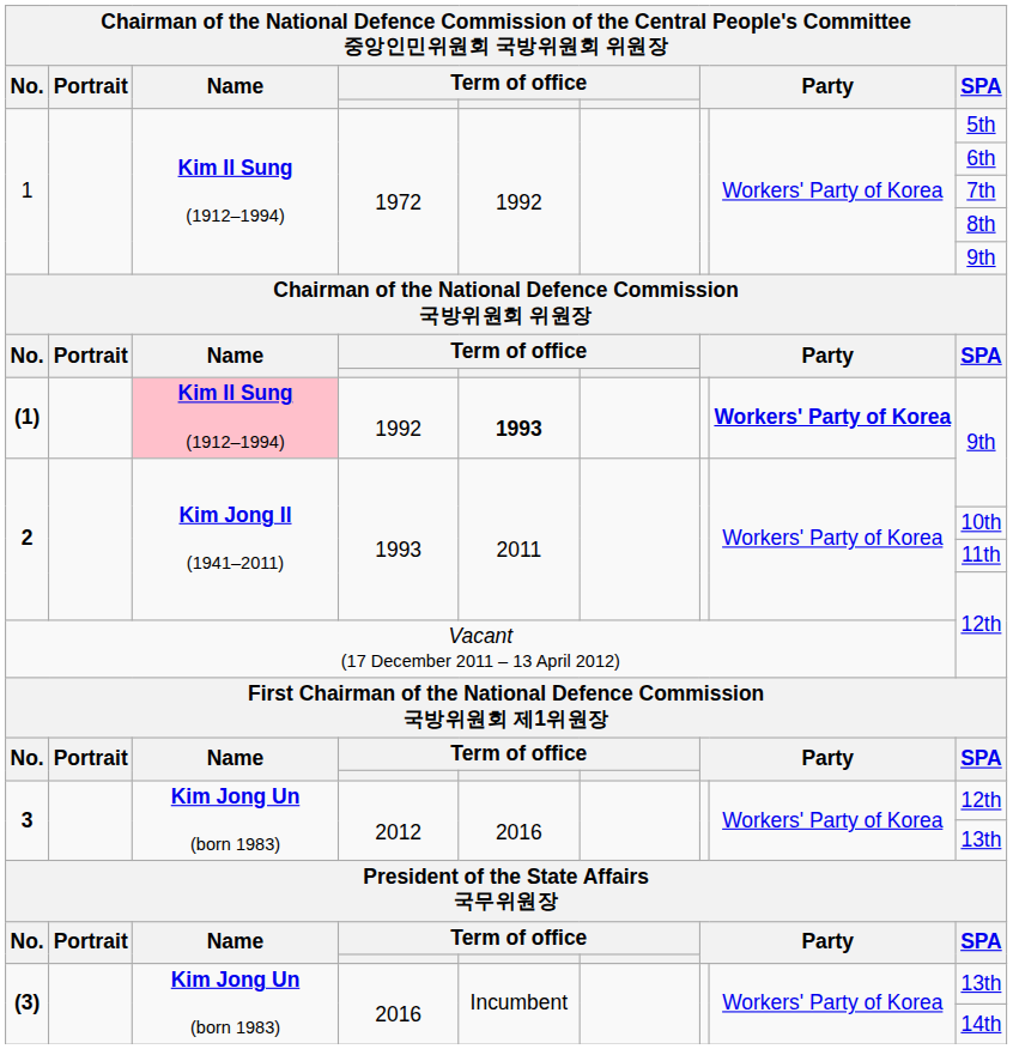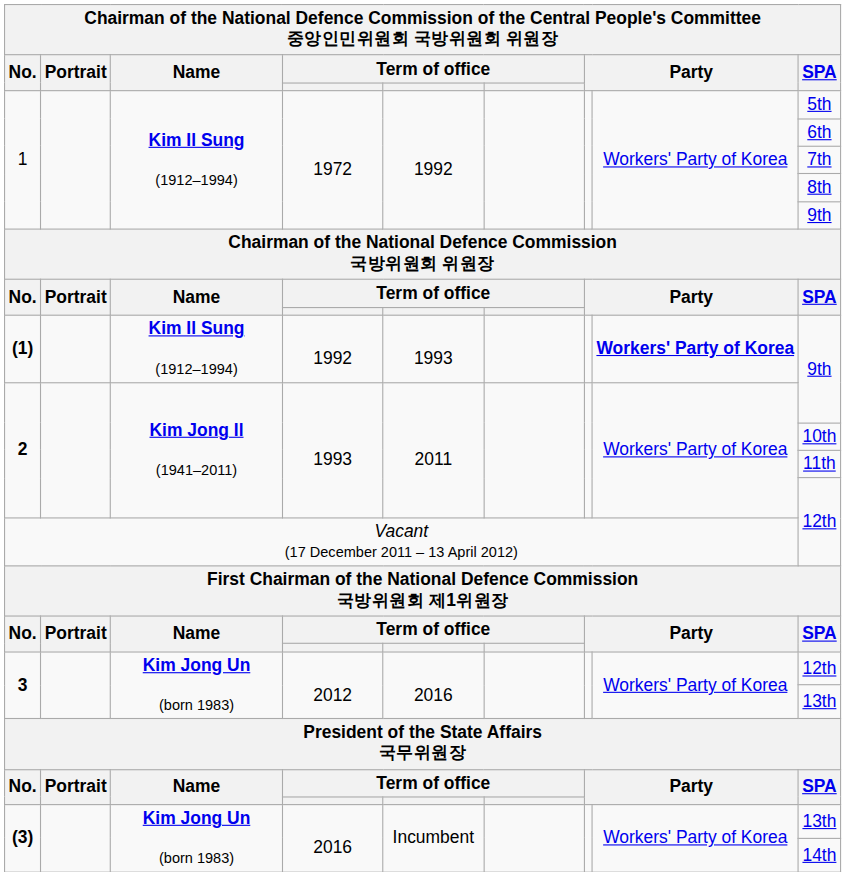 <table class="wikitable" style="text-align:center;">
 <tr>
 <th colspan="9"><strong>Chairman of the National Defence Commission of the Central People's Committee</strong><br><strong>중앙인민위원회 국방위원회 위원장</strong></th>
 </tr>
 <tr>
 <th rowspan="2">No.</th>
 <th rowspan="2">Portrait</th>
 <th rowspan="2" width="150">Name<br></th>
 <th colspan="3">Term of office</th>
 <th colspan="2" rowspan="2">Party</th>
 <th rowspan="2"><a href='#'>SPA</a></th>
 </tr>
 <tr>
 <th width="85"></th>
 <th width="85"></th>
 <th width="85"></th>
 </tr>
 <tr>
 <td rowspan="5">1</td>
 <td rowspan="5"></td>
 <td rowspan="5"><strong><a href='#'>Kim Il Sung</a></strong><br><br><small>(1912–1994)</small></td>
 <td rowspan="5"><br>1972</td>
 <td rowspan="5"><br>1992</td>
 <td rowspan="5"></td>
 <td rowspan="5"></td>
 <td rowspan="5"><a href='#'>Workers' Party of Korea</a></td>
 <td><a href='#'>5th</a></td>
 </tr>
 <tr>
 <td><a href='#'>6th</a></td>
 </tr>
 <tr>
 <td><a href='#'>7th</a></td>
 </tr>
 <tr>
 <td><a href='#'>8th</a></td>
 </tr>
 <tr>
 <td><a href='#'>9th</a></td>
 </tr>
 <tr>
 <th colspan="9"><strong>Chairman of the National Defence Commission</strong><br><strong>국방위원회 위원장</strong></th>
 </tr>
 <tr>
 <th rowspan="2">No.</th>
 <th rowspan="2">Portrait</th>
 <th rowspan="2">Name<br></th>
 <th colspan="3">Term of office</th>
 <th colspan="2" rowspan="2">Party</th>
 <th rowspan="2"><a href='#'>SPA</a></th>
 </tr>
 <tr>
 <th></th>
 <th></th>
 <th></th>
 </tr>
 <tr>
 <td><strong>(1)</strong></td>
 <td></td>
-<td style="background: pink;"><strong><a href='#'>Kim Il Sung</a></strong><br><br><small>(1912–1994)</small></td>
+<td><strong><a href='#'>Kim Il Sung</a></strong><br><br><small>(1912–1994)</small></td>
 <td><br>1992</td>
-<td><strong><br>1993</strong></td>
+<td><br>1993</td>
 <td></td>
 <td></td>
 <td><strong><a href='#'>Workers' Party of Korea</a></strong></td>
 <td rowspan="2"><a href='#'>9th</a></td>
 </tr>
 <tr style="height:37px;">
 <td rowspan="4"><strong>2</strong></td>
 <td rowspan="4"></td>
 <td rowspan="4"><strong><a href='#'>Kim Jong Il</a></strong><br><br><small>(1941–2011)</small><br></td>
 <td rowspan="4"><br>1993</td>
 <td rowspan="4"><br>2011</td>
 <td rowspan="4"></td>
 <td rowspan="4"></td>
 <td rowspan="4"><a href='#'>Workers' Party of Korea</a></td>
 </tr>
 <tr>
 <td><a href='#'>10th</a></td>
 </tr>
 <tr>
 <td><a href='#'>11th</a></td>
 </tr>
 <tr style="height:37px;">
 <td rowspan="2"><a href='#'>12th</a></td>
 </tr>
 <tr>
 <td colspan="8"><em>Vacant</em><br><small>(17 December 2011 – 13 April 2012)</small></td>
 </tr>
 <tr>
 <th colspan="9"><strong>First Chairman of the National Defence Commission</strong><br><strong>국방위원회 제1위원장</strong></th>
 </tr>
 <tr>
 <th rowspan="2">No.</th>
 <th rowspan="2">Portrait</th>
 <th rowspan="2">Name<br></th>
 <th colspan="3">Term of office</th>
 <th colspan="2" rowspan="2">Party</th>
 <th rowspan="2"><a href='#'>SPA</a></th>
 </tr>
 <tr>
 <th></th>
 <th></th>
 <th></th>
 </tr>
 <tr>
 <td rowspan="2"><strong>3</strong></td>
 <td rowspan="2"></td>
 <td rowspan="2"><strong><a href='#'>Kim Jong Un</a></strong><br><br><small>(born 1983)</small><br></td>
 <td rowspan="2"><br>2012</td>
 <td rowspan="2"><br>2016</td>
 <td rowspan="2"></td>
 <td rowspan="2"></td>
 <td rowspan="2"><a href='#'>Workers' Party of Korea</a></td>
 <td><a href='#'>12th</a></td>
 </tr>
 <tr>
 <td><a href='#'>13th</a></td>
 </tr>
 <tr>
 <th colspan="9"><strong>President of the State Affairs</strong><br><strong>국무위원장</strong></th>
 </tr>
 <tr>
 <th rowspan="2">No.</th>
 <th rowspan="2">Portrait</th>
 <th rowspan="2">Name<br></th>
 <th colspan="3">Term of office</th>
 <th colspan="2" rowspan="2">Party</th>
 <th rowspan="2"><a href='#'>SPA</a></th>
 </tr>
 <tr>
 <th></th>
 <th></th>
 <th></th>
 </tr>
 <tr>
 <td rowspan="2"><strong>(3)</strong></td>
 <td rowspan="2"></td>
 <td rowspan="2"><strong><a href='#'>Kim Jong Un</a></strong><br><br><small>(born 1983)</small><br></td>
 <td rowspan="2"><br>2016</td>
 <td rowspan="2">Incumbent</td>
 <td rowspan="2"></td>
 <td rowspan="2"></td>
 <td rowspan="2"><a href='#'>Workers' Party of Korea</a></td>
 <td><a href='#'>13th</a></td>
 </tr>
 <tr>
 <td><a href='#'>14th</a></td>
 </tr>
 </table>
